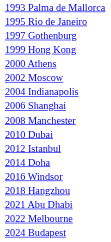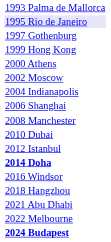 <table>
 <tr>
 <td><a href='#'>1993 Palma de Mallorca</a></td>
 <td></td>
 <td></td>
 <td></td>
 </tr>
 <tr>
-<td><a href='#'>1995 Rio de Janeiro</a></td>
+<td style="background: lavender;"><a href='#'>1995 Rio de Janeiro</a></td>
 <td></td>
 <td></td>
 <td></td>
 </tr>
 <tr>
 <td><a href='#'>1997 Gothenburg</a></td>
 <td></td>
 <td></td>
 <td></td>
 </tr>
 <tr>
 <td><a href='#'>1999 Hong Kong</a></td>
 <td></td>
 <td></td>
 <td></td>
 </tr>
 <tr>
 <td><a href='#'>2000 Athens</a></td>
 <td></td>
 <td></td>
 <td></td>
 </tr>
 <tr>
 <td><a href='#'>2002 Moscow</a></td>
 <td></td>
 <td></td>
 <td></td>
 </tr>
 <tr>
 <td><a href='#'>2004 Indianapolis</a></td>
 <td></td>
 <td></td>
 <td></td>
 </tr>
 <tr>
 <td><a href='#'>2006 Shanghai</a></td>
 <td></td>
 <td></td>
 <td></td>
 </tr>
 <tr>
 <td><a href='#'>2008 Manchester</a></td>
 <td></td>
 <td></td>
 <td></td>
 </tr>
 <tr>
 <td><a href='#'>2010 Dubai</a></td>
 <td></td>
 <td></td>
 <td></td>
 </tr>
 <tr>
 <td><a href='#'>2012 Istanbul</a></td>
 <td></td>
 <td></td>
 <td></td>
 </tr>
 <tr>
-<td><a href='#'>2014 Doha</a></td>
+<td><strong><a href='#'>2014 Doha</a></strong></td>
 <td></td>
 <td></td>
 <td></td>
 </tr>
 <tr>
 <td><a href='#'>2016 Windsor</a></td>
 <td></td>
 <td></td>
 <td></td>
 </tr>
 <tr>
 <td rowspan=2><a href='#'>2018 Hangzhou</a></td>
 <td rowspan=2></td>
 <td rowspan=2></td>
 <td></td>
 </tr>
 <tr>
 <td></td>
 </tr>
 <tr>
 <td><a href='#'>2021 Abu Dhabi</a></td>
 <td></td>
 <td></td>
 <td></td>
 </tr>
 <tr>
 <td><a href='#'>2022 Melbourne</a></td>
 <td></td>
 <td></td>
 <td></td>
 </tr>
 <tr>
-<td><a href='#'>2024 Budapest</a></td>
+<td><strong><a href='#'>2024 Budapest</a></strong></td>
 <td></td>
 <td></td>
 <td></td>
 </tr>
 </table>
